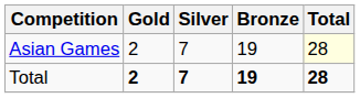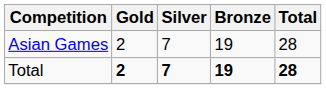 <table class="wikitable sortable">
 <tr>
 <th>Competition</th>
 <th>Gold</th>
 <th>Silver</th>
 <th>Bronze</th>
 <th>Total</th>
 </tr>
 <tr>
 <td><a href='#'>Asian Games</a></td>
 <td>2</td>
 <td>7</td>
 <td>19</td>
-<td style="background: lightyellow;">28</td>
+<td>28</td>
 </tr>
 <tr>
 <td>Total</td>
 <td><strong>2</strong></td>
 <td><strong>7</strong></td>
 <td><strong>19</strong></td>
 <td><strong>28</strong></td>
 </tr>
 <tr>
 </tr>
 </table>
